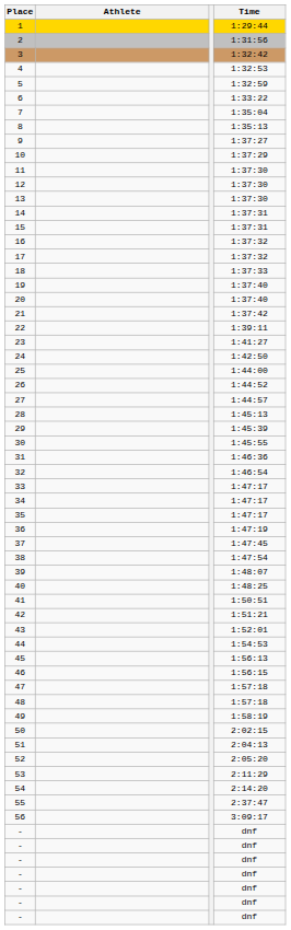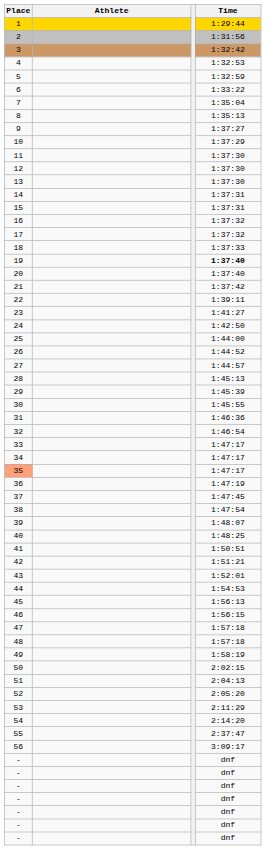 <table class="wikitable" style="text-align:center">
 <tr>
 <th>Place</th>
 <th width=250>Athlete</th>
 <th rowspan=64></th>
 <th width=100>Time</th>
 </tr>
 <tr bgcolor=gold>
 <td>1</td>
 <td align=left></td>
 <td>1:29:44</td>
 </tr>
 <tr bgcolor=silver>
 <td>2</td>
 <td align=left></td>
 <td>1:31:56</td>
 </tr>
 <tr bgcolor=cc9966>
 <td>3</td>
 <td align=left></td>
 <td>1:32:42</td>
 </tr>
 <tr>
 <td>4</td>
 <td align=left></td>
 <td>1:32:53</td>
 </tr>
 <tr>
 <td>5</td>
 <td align=left></td>
 <td>1:32:59</td>
 </tr>
 <tr>
 <td>6</td>
 <td align=left></td>
 <td>1:33:22</td>
 </tr>
 <tr>
 <td>7</td>
 <td align=left></td>
 <td>1:35:04</td>
 </tr>
 <tr>
 <td>8</td>
 <td align=left></td>
 <td>1:35:13</td>
 </tr>
 <tr>
 <td>9</td>
 <td align=left></td>
 <td>1:37:27</td>
 </tr>
 <tr>
 <td>10</td>
 <td align=left></td>
 <td>1:37:29</td>
 </tr>
 <tr>
 <td>11</td>
 <td align=left></td>
 <td>1:37:30</td>
 </tr>
 <tr>
 <td>12</td>
 <td align=left></td>
 <td>1:37:30</td>
 </tr>
 <tr>
 <td>13</td>
 <td align=left></td>
 <td>1:37:30</td>
 </tr>
 <tr>
 <td>14</td>
 <td align=left></td>
 <td>1:37:31</td>
 </tr>
 <tr>
 <td>15</td>
 <td align=left></td>
 <td>1:37:31</td>
 </tr>
 <tr>
 <td>16</td>
 <td align=left></td>
 <td>1:37:32</td>
 </tr>
 <tr>
 <td>17</td>
 <td align=left></td>
 <td>1:37:32</td>
 </tr>
 <tr>
 <td>18</td>
 <td align=left></td>
 <td>1:37:33</td>
 </tr>
 <tr>
 <td>19</td>
 <td align=left></td>
-<td>1:37:40</td>
+<td><strong>1:37:40</strong></td>
 </tr>
 <tr>
 <td>20</td>
 <td align=left></td>
 <td>1:37:40</td>
 </tr>
 <tr>
 <td>21</td>
 <td align=left></td>
 <td>1:37:42</td>
 </tr>
 <tr>
 <td>22</td>
 <td align=left></td>
 <td>1:39:11</td>
 </tr>
 <tr>
 <td>23</td>
 <td align=left></td>
 <td>1:41:27</td>
 </tr>
 <tr>
 <td>24</td>
 <td align=left></td>
 <td>1:42:50</td>
 </tr>
 <tr>
 <td>25</td>
 <td align=left></td>
 <td>1:44:00</td>
 </tr>
 <tr>
 <td>26</td>
 <td align=left></td>
 <td>1:44:52</td>
 </tr>
 <tr>
 <td>27</td>
 <td align=left></td>
 <td>1:44:57</td>
 </tr>
 <tr>
 <td>28</td>
 <td align=left></td>
 <td>1:45:13</td>
 </tr>
 <tr>
 <td>29</td>
 <td align=left></td>
 <td>1:45:39</td>
 </tr>
 <tr>
 <td>30</td>
 <td align=left></td>
 <td>1:45:55</td>
 </tr>
 <tr>
 <td>31</td>
 <td align=left></td>
 <td>1:46:36</td>
 </tr>
 <tr>
 <td>32</td>
 <td align=left></td>
 <td>1:46:54</td>
 </tr>
 <tr>
 <td>33</td>
 <td align=left></td>
 <td>1:47:17</td>
 </tr>
 <tr>
 <td>34</td>
 <td align=left></td>
 <td>1:47:17</td>
 </tr>
 <tr>
-<td>35</td>
+<td style="background: lightsalmon;">35</td>
 <td align=left></td>
 <td>1:47:17</td>
 </tr>
 <tr>
 <td>36</td>
 <td align=left></td>
 <td>1:47:19</td>
 </tr>
 <tr>
 <td>37</td>
 <td align=left></td>
 <td>1:47:45</td>
 </tr>
 <tr>
 <td>38</td>
 <td align=left></td>
 <td>1:47:54</td>
 </tr>
 <tr>
 <td>39</td>
 <td align=left></td>
 <td>1:48:07</td>
 </tr>
 <tr>
 <td>40</td>
 <td align=left></td>
 <td>1:48:25</td>
 </tr>
 <tr>
 <td>41</td>
 <td align=left></td>
 <td>1:50:51</td>
 </tr>
 <tr>
 <td>42</td>
 <td align=left></td>
 <td>1:51:21</td>
 </tr>
 <tr>
 <td>43</td>
 <td align=left></td>
 <td>1:52:01</td>
 </tr>
 <tr>
 <td>44</td>
 <td align=left></td>
 <td>1:54:53</td>
 </tr>
 <tr>
 <td>45</td>
 <td align=left></td>
 <td>1:56:13</td>
 </tr>
 <tr>
 <td>46</td>
 <td align=left></td>
 <td>1:56:15</td>
 </tr>
 <tr>
 <td>47</td>
 <td align=left></td>
 <td>1:57:18</td>
 </tr>
 <tr>
 <td>48</td>
 <td align=left></td>
 <td>1:57:18</td>
 </tr>
 <tr>
 <td>49</td>
 <td align=left></td>
 <td>1:58:19</td>
 </tr>
 <tr>
 <td>50</td>
 <td align=left></td>
 <td>2:02:15</td>
 </tr>
 <tr>
 <td>51</td>
 <td align=left></td>
 <td>2:04:13</td>
 </tr>
 <tr>
 <td>52</td>
 <td align=left></td>
 <td>2:05:20</td>
 </tr>
 <tr>
 <td>53</td>
 <td align=left></td>
 <td>2:11:29</td>
 </tr>
 <tr>
 <td>54</td>
 <td align=left></td>
 <td>2:14:20</td>
 </tr>
 <tr>
 <td>55</td>
 <td align=left></td>
 <td>2:37:47</td>
 </tr>
 <tr>
 <td>56</td>
 <td align=left></td>
 <td>3:09:17</td>
 </tr>
 <tr>
 <td>-</td>
 <td align=left></td>
 <td>dnf</td>
 </tr>
 <tr>
 <td>-</td>
 <td align=left></td>
 <td>dnf</td>
 </tr>
 <tr>
 <td>-</td>
 <td align=left></td>
 <td>dnf</td>
 </tr>
 <tr>
 <td>-</td>
 <td align=left></td>
 <td>dnf</td>
 </tr>
 <tr>
 <td>-</td>
 <td align=left></td>
 <td>dnf</td>
 </tr>
 <tr>
 <td>-</td>
 <td align=left></td>
 <td>dnf</td>
 </tr>
 <tr>
 <td>-</td>
 <td align=left></td>
 <td>dnf</td>
 </tr>
 </table>
